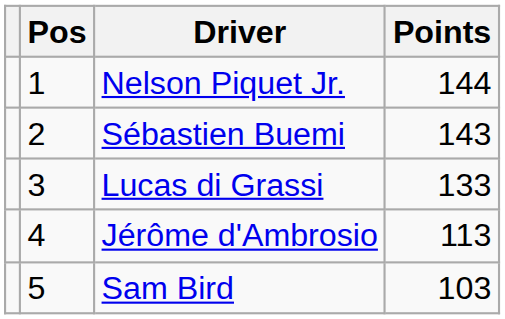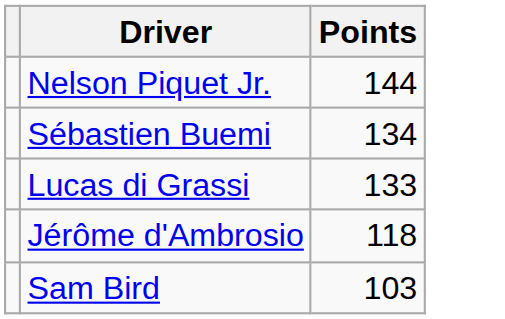 <table class="wikitable" style="font-size: 95%; display:inline-table;">
 <tr>
 <th></th>
-<th>Pos</th>
 <th>Driver</th>
 <th>Points</th>
 </tr>
 <tr>
 <td align="left"></td>
-<td>1</td>
 <td> <a href='#'>Nelson Piquet Jr.</a></td>
 <td align="right">144</td>
 </tr>
 <tr>
 <td align="left"></td>
-<td>2</td>
 <td> <a href='#'>Sébastien Buemi</a></td>
-<td align="right">143</td>
+<td align="right">134</td>
 </tr>
 <tr>
 <td align="left"></td>
-<td>3</td>
 <td> <a href='#'>Lucas di Grassi</a></td>
 <td align="right">133</td>
 </tr>
 <tr>
 <td align="left"></td>
-<td>4</td>
 <td> <a href='#'>Jérôme d'Ambrosio</a></td>
-<td align="right">113</td>
+<td align="right">118</td>
 </tr>
 <tr>
 <td align="left"></td>
-<td>5</td>
 <td> <a href='#'>Sam Bird</a></td>
 <td align="right">103</td>
 </tr>
 </table>
